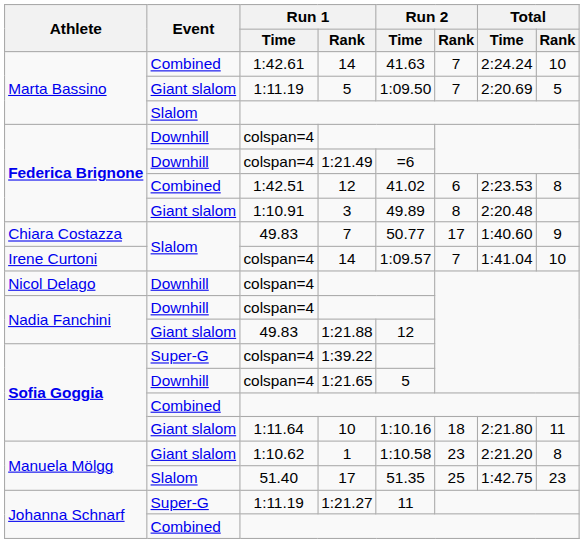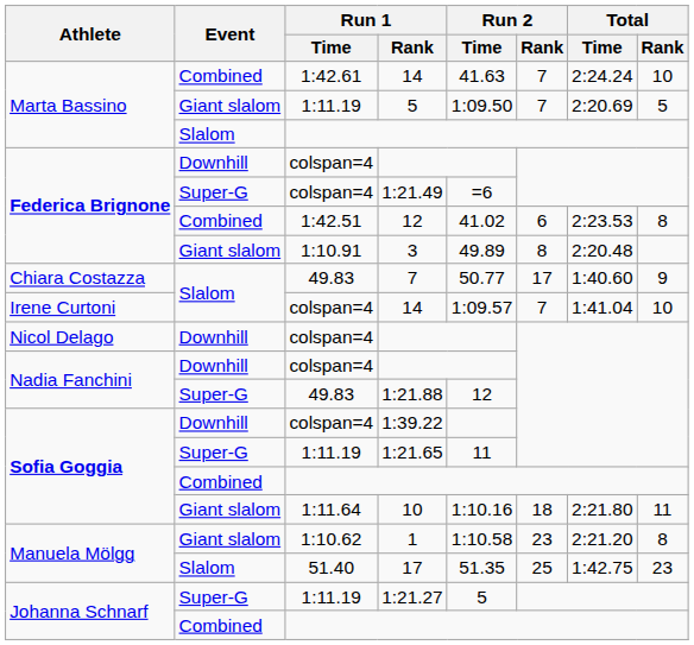 <table class="wikitable" style="font-size:90%">
 <tr>
 <th rowspan=2>Athlete</th>
 <th rowspan=2>Event</th>
 <th colspan=2>Run 1</th>
 <th colspan=2>Run 2</th>
 <th colspan=2>Total</th>
 </tr>
 <tr style="font-size:95%">
 <th>Time</th>
 <th>Rank</th>
 <th>Time</th>
 <th>Rank</th>
 <th>Time</th>
 <th>Rank</th>
 </tr>
 <tr align=center>
 <td align=left rowspan=3><a href='#'>Marta Bassino</a></td>
 <td align=left><a href='#'>Combined</a></td>
 <td>1:42.61</td>
 <td>14</td>
 <td>41.63</td>
 <td>7</td>
 <td>2:24.24</td>
 <td>10</td>
 </tr>
 <tr align=center>
 <td align=left><a href='#'>Giant slalom</a></td>
 <td>1:11.19</td>
 <td>5</td>
 <td>1:09.50</td>
 <td>7</td>
 <td>2:20.69</td>
 <td>5</td>
 </tr>
 <tr align=center>
 <td align=left><a href='#'>Slalom</a></td>
 <td colspan=6></td>
 </tr>
 <tr align=center>
 <td align=left rowspan=4><strong><a href='#'>Federica Brignone</a></strong></td>
 <td align=left><a href='#'>Downhill</a></td>
 <td>colspan=4 </td>
 <td colspan=2></td>
 </tr>
 <tr align=center>
-<td align=left><a href='#'>Downhill</a></td>
+<td align=left><a href='#'>Super-G</a></td>
 <td>colspan=4 </td>
 <td>1:21.49</td>
 <td>=6</td>
 </tr>
 <tr align=center>
 <td align=left><a href='#'>Combined</a></td>
 <td>1:42.51</td>
 <td>12</td>
 <td>41.02</td>
 <td>6</td>
 <td>2:23.53</td>
 <td>8</td>
 </tr>
 <tr align=center>
 <td align=left><a href='#'>Giant slalom</a></td>
 <td>1:10.91</td>
 <td>3</td>
 <td>49.89</td>
 <td>8</td>
 <td>2:20.48</td>
 <td></td>
 </tr>
 <tr align=center>
 <td align=left><a href='#'>Chiara Costazza</a></td>
 <td align=left rowspan=2><a href='#'>Slalom</a></td>
 <td>49.83</td>
 <td>7</td>
 <td>50.77</td>
 <td>17</td>
 <td>1:40.60</td>
 <td>9</td>
 </tr>
 <tr align=center>
 <td align=left><a href='#'>Irene Curtoni</a></td>
 <td>colspan=4 </td>
 <td>14</td>
 <td>1:09.57</td>
 <td>7</td>
 <td>1:41.04</td>
 <td>10</td>
 </tr>
 <tr align=center>
 <td align=left><a href='#'>Nicol Delago</a></td>
 <td align=left><a href='#'>Downhill</a></td>
 <td>colspan=4 </td>
 <td colspan=2></td>
 </tr>
 <tr align=center>
 <td align=left rowspan=2><a href='#'>Nadia Fanchini</a></td>
 <td align=left><a href='#'>Downhill</a></td>
 <td>colspan=4 </td>
 <td colspan=2></td>
 </tr>
 <tr align=center>
-<td align=left><a href='#'>Giant slalom</a></td>
+<td align=left><a href='#'>Super-G</a></td>
 <td>49.83</td>
 <td>1:21.88</td>
 <td>12</td>
 </tr>
 <tr align=center>
 <td align=left rowspan=4><strong><a href='#'>Sofia Goggia</a></strong></td>
-<td align=left><a href='#'>Super-G</a></td>
+<td align=left><a href='#'>Downhill</a></td>
 <td>colspan=4 </td>
 <td>1:39.22</td>
 <td></td>
 </tr>
 <tr align=center>
-<td align=left><a href='#'>Downhill</a></td>
-<td>colspan=4 </td>
+<td align=left><a href='#'>Super-G</a></td>
+<td>1:11.19</td>
 <td>1:21.65</td>
-<td>5</td>
+<td>11</td>
 </tr>
 <tr align=center>
 <td align=left><a href='#'>Combined</a></td>
 <td colspan=6></td>
 </tr>
 <tr align=center>
 <td align=left><a href='#'>Giant slalom</a></td>
 <td>1:11.64</td>
 <td>10</td>
 <td>1:10.16</td>
 <td>18</td>
 <td>2:21.80</td>
 <td>11</td>
 </tr>
 <tr align=center>
 <td align=left rowspan=2><a href='#'>Manuela Mölgg</a></td>
 <td align=left><a href='#'>Giant slalom</a></td>
 <td>1:10.62</td>
 <td>1</td>
 <td>1:10.58</td>
 <td>23</td>
 <td>2:21.20</td>
 <td>8</td>
 </tr>
 <tr align=center>
 <td align=left><a href='#'>Slalom</a></td>
 <td>51.40</td>
 <td>17</td>
 <td>51.35</td>
 <td>25</td>
 <td>1:42.75</td>
 <td>23</td>
 </tr>
 <tr align=center>
 <td align=left rowspan=2><a href='#'>Johanna Schnarf</a></td>
 <td align=left><a href='#'>Super-G</a></td>
 <td>1:11.19</td>
 <td>1:21.27</td>
-<td>11</td>
+<td>5</td>
 </tr>
 <tr align=center>
 <td align=left><a href='#'>Combined</a></td>
 <td colspan=6></td>
 </tr>
 </table>
